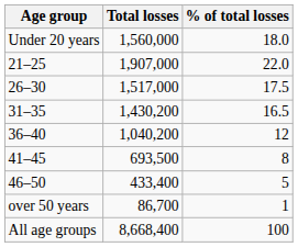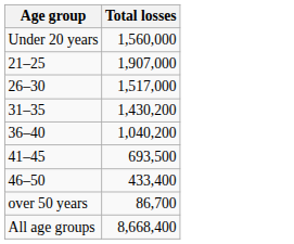 <table class="wikitable">
 <tr>
 <th>Age group</th>
 <th>Total losses</th>
-<th>% of total losses</th>
 </tr>
 <tr>
 <td>Under 20 years</td>
 <td style="text-align:right;">1,560,000</td>
-<td style="text-align:right;">18.0</td>
 </tr>
 <tr>
 <td>21–25</td>
 <td style="text-align:right;">1,907,000</td>
-<td style="text-align:right;">22.0</td>
 </tr>
 <tr>
 <td>26–30</td>
 <td style="text-align:right;">1,517,000</td>
-<td style="text-align:right;">17.5</td>
 </tr>
 <tr>
 <td>31–35</td>
 <td style="text-align:right;">1,430,200</td>
-<td style="text-align:right;">16.5</td>
 </tr>
 <tr>
 <td>36–40</td>
 <td style="text-align:right;">1,040,200</td>
-<td style="text-align:right;">12</td>
 </tr>
 <tr>
 <td>41–45</td>
 <td style="text-align:right;">693,500</td>
-<td style="text-align:right;">8</td>
 </tr>
 <tr>
 <td>46–50</td>
 <td style="text-align:right;">433,400</td>
-<td style="text-align:right;">5</td>
 </tr>
 <tr>
 <td>over 50 years</td>
 <td style="text-align:right;">86,700</td>
-<td style="text-align:right;">1</td>
 </tr>
 <tr>
 <td>All age groups</td>
 <td style="text-align:right;">8,668,400</td>
-<td style="text-align:right;">100</td>
 </tr>
 </table>
